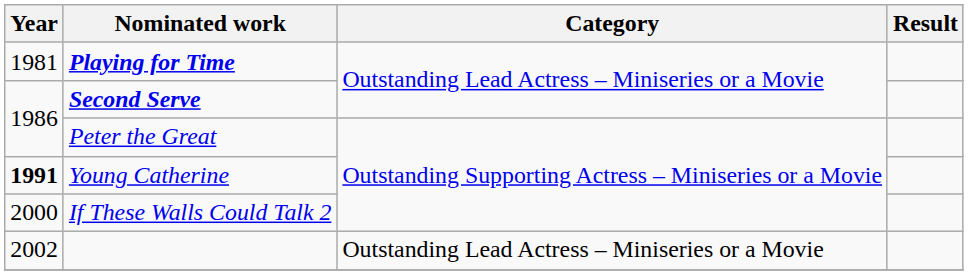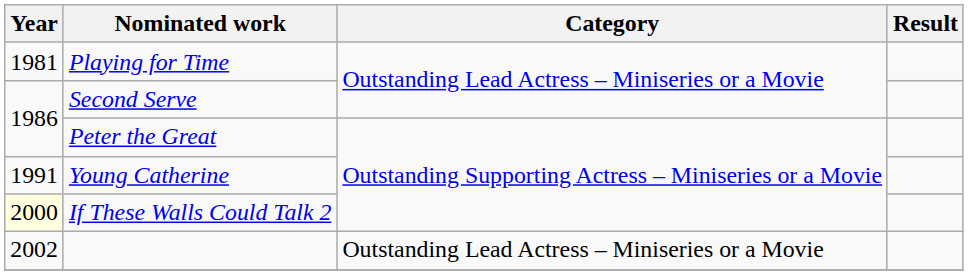 <table class="wikitable">
 <tr>
 <th>Year</th>
 <th>Nominated work</th>
 <th>Category</th>
 <th>Result</th>
 </tr>
 <tr>
 <td>1981</td>
-<td><strong><em><a href='#'>Playing for Time</a></em></strong></td>
+<td><em><a href='#'>Playing for Time</a></em></td>
 <td rowspan=2><a href='#'>Outstanding Lead Actress – Miniseries or a Movie</a></td>
 <td></td>
 </tr>
 <tr>
 <td rowspan=2>1986</td>
-<td><strong><em><a href='#'>Second Serve</a></em></strong></td>
+<td><em><a href='#'>Second Serve</a></em></td>
 <td></td>
 </tr>
 <tr>
 <td><em><a href='#'>Peter the Great</a></em></td>
 <td rowspan=3><a href='#'>Outstanding Supporting Actress – Miniseries or a Movie</a></td>
 <td></td>
 </tr>
 <tr>
-<td><strong>1991</strong></td>
+<td>1991</td>
 <td><em><a href='#'>Young Catherine</a></em></td>
 <td></td>
 </tr>
 <tr>
-<td>2000</td>
+<td style="background: lightyellow;">2000</td>
 <td><em><a href='#'>If These Walls Could Talk 2</a></em></td>
 <td></td>
 </tr>
 <tr>
 <td>2002</td>
 <td><em></em></td>
 <td>Outstanding Lead Actress – Miniseries or a Movie</td>
 <td></td>
 </tr>
 <tr>
 </tr>
 </table>
